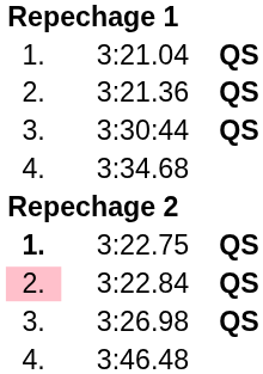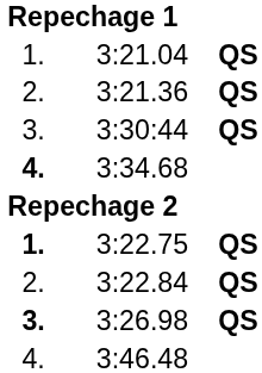 <table style="text-align:center">
 <tr>
 <td colspan=4 align=left><strong>Repechage 1</strong></td>
 </tr>
 <tr>
 <td width=30>1.</td>
 <td align=left></td>
 <td width=80>3:21.04</td>
 <td><strong>QS</strong></td>
 </tr>
 <tr>
 <td>2.</td>
 <td align=left></td>
 <td>3:21.36</td>
 <td><strong>QS</strong></td>
 </tr>
 <tr>
 <td>3.</td>
 <td align=left></td>
 <td>3:30:44</td>
 <td><strong>QS</strong></td>
 </tr>
 <tr>
-<td>4.</td>
+<td><strong>4.</strong></td>
 <td align=left></td>
 <td>3:34.68</td>
 <td></td>
 </tr>
 <tr>
 <td colspan=4 align=left><strong>Repechage 2</strong></td>
 </tr>
 <tr>
 <td><strong>1.</strong></td>
 <td align=left></td>
 <td>3:22.75</td>
 <td><strong>QS</strong></td>
 </tr>
 <tr>
-<td style="background: pink;">2.</td>
+<td>2.</td>
 <td align=left></td>
 <td>3:22.84</td>
 <td><strong>QS</strong></td>
 </tr>
 <tr>
-<td>3.</td>
+<td><strong>3.</strong></td>
 <td align=left></td>
 <td>3:26.98</td>
 <td><strong>QS</strong></td>
 </tr>
 <tr>
 <td>4.</td>
 <td align=left></td>
 <td>3:46.48</td>
 <td></td>
 </tr>
 </table>
